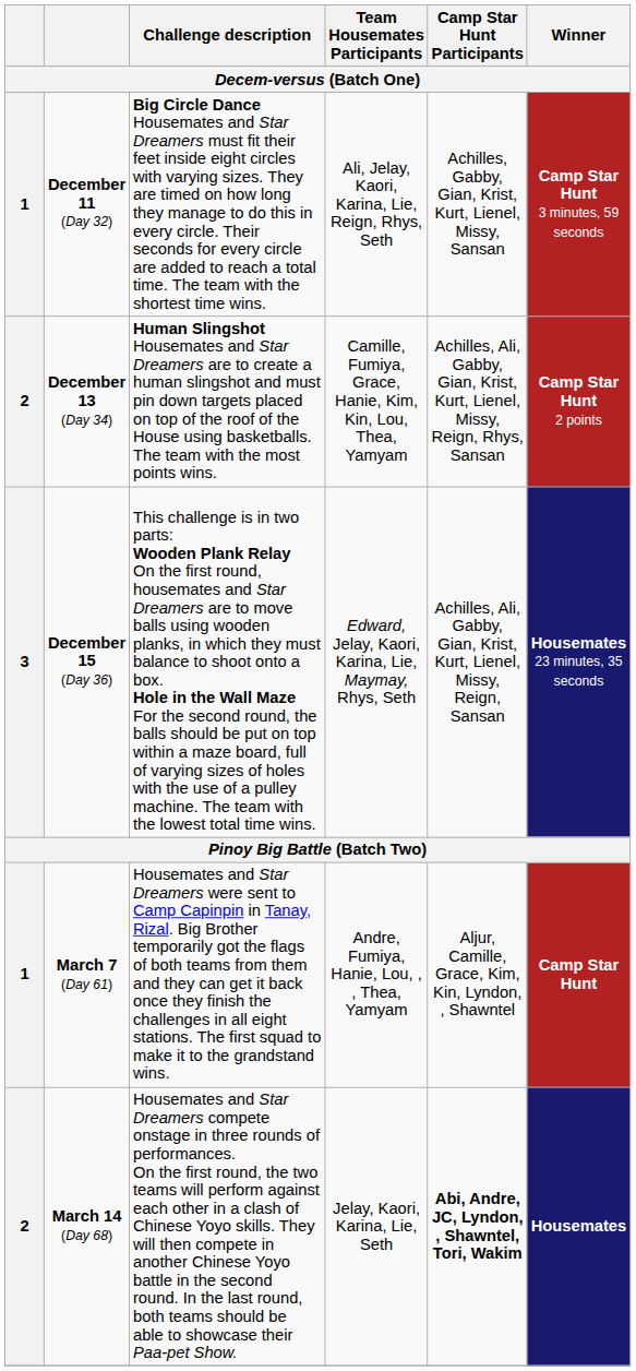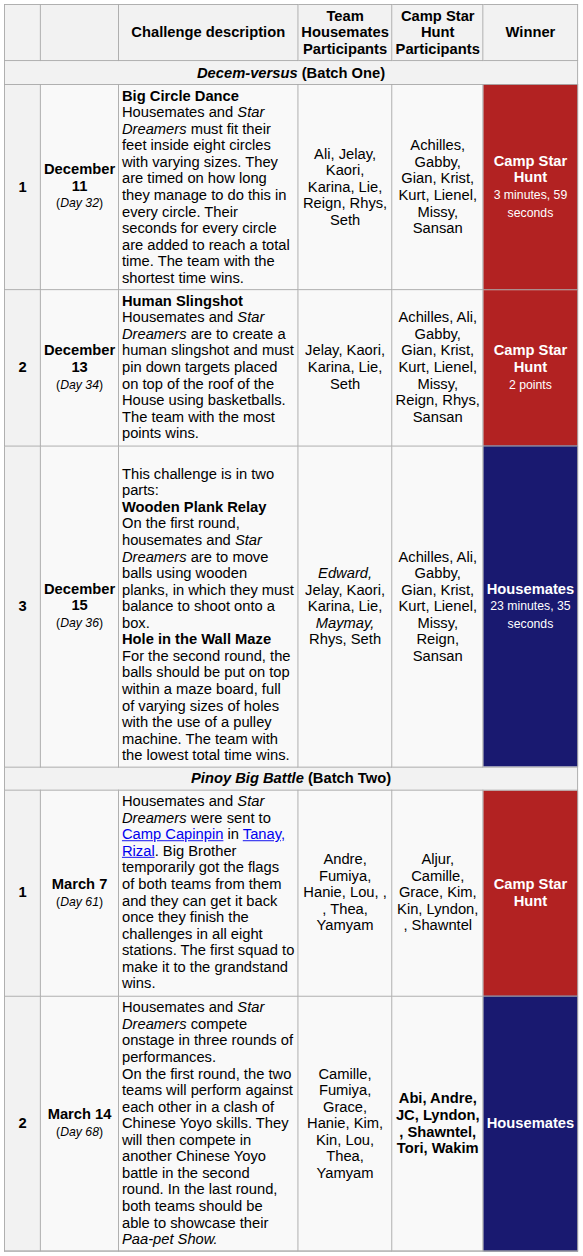 <table class="wikitable" style="text-align:center; font-size:100%; line-height:18px;" width="100%">
 <tr>
 <th style="width: 10%;"></th>
 <th style="width: 10%;"></th>
 <th style="width: 45%;">Challenge description</th>
 <th style="width: 10%;">Team Housemates Participants</th>
 <th style="width: 10%;">Camp Star Hunt Participants</th>
 <th style="width: 15%;">Winner</th>
 </tr>
 <tr>
 <th colspan="6"><em>Decem-versus</em> (Batch One)</th>
 </tr>
 <tr>
 <th>1</th>
 <td><strong>December 11</strong><br><small>(<em>Day 32</em>)</small></td>
 <td align="left"><strong>Big Circle Dance</strong><br> Housemates and <em>Star Dreamers</em> must fit their feet inside eight circles with varying sizes. They are timed on how long they manage to do this in every circle. Their seconds for every circle are added to reach a total time. The team with the shortest time wins.</td>
 <td><span>Ali, Jelay, Kaori, Karina, Lie, Reign, Rhys, Seth</span></td>
 <td><span>Achilles, Gabby, Gian, Krist, Kurt, Lienel, Missy, Sansan</span></td>
 <td style="background:#B22222; color:white;"><strong>Camp Star Hunt</strong><br><small>3 minutes, 59 seconds</small></td>
 </tr>
 <tr>
 <th>2</th>
 <td><strong>December 13</strong><br><small>(<em>Day 34</em>)</small></td>
 <td align="left"><strong>Human Slingshot</strong><br> Housemates and <em>Star Dreamers</em> are to create a human slingshot and must pin down targets placed on top of the roof of the House using basketballs. The team with the most points wins.</td>
-<td><span>Camille, Fumiya, <span>Grace</span>, Hanie, Kim, <span>Kin</span>, Lou, Thea, Yamyam</span></td>
+<td><span>Jelay, Kaori, Karina, Lie, Seth</span></td>
 <td><span>Achilles, <span>Ali</span>, Gabby, Gian, Krist, Kurt, Lienel, Missy, <span>Reign</span>, <span>Rhys</span>, Sansan</span></td>
 <td style="background:#B22222; color:white;"><strong>Camp Star Hunt</strong><br><small>2 points</small></td>
 </tr>
 <tr>
 <th>3</th>
 <td><strong>December 15</strong><br><small>(<em>Day 36</em>)</small></td>
 <td align="left"><br>This challenge is in two parts:<br><strong>Wooden Plank Relay</strong><br>On the first round, housemates and <em>Star Dreamers</em> are to move balls using wooden planks, in which they must balance to shoot onto a box.<br><strong>Hole in the Wall Maze</strong><br>For the second round, the balls should be put on top within a maze board, full of varying sizes of holes with the use of a pulley machine. The team with the lowest total time wins.</td>
 <td><span><em>Edward,</em> Jelay, Kaori, Karina, Lie, <em>Maymay,</em> Rhys, Seth</span></td>
 <td><span>Achilles, <span>Ali</span>, Gabby, Gian, Krist, Kurt, Lienel, Missy, <span>Reign</span>, Sansan</span></td>
 <td style="background:#191970; color:white;"><strong>Housemates</strong><br><small>23 minutes, 35 seconds</small></td>
 </tr>
 <tr>
 <th colspan="6"><em>Pinoy Big Battle</em> (Batch Two)</th>
 </tr>
 <tr>
 <th>1</th>
 <td><strong> March 7 </strong><br><small>(<em>Day 61</em>)</small></td>
 <td align="left">Housemates and <em>Star Dreamers</em> were sent to <a href='#'>Camp Capinpin</a> in <a href='#'>Tanay, Rizal</a>. Big Brother temporarily got the flags of both teams from them and they can get it back once they finish the challenges in all eight stations. The first squad to make it to the grandstand wins.<br></td>
 <td><span>Andre, Fumiya, Hanie, Lou, , , Thea, Yamyam</span></td>
 <td><span>Aljur, Camille, Grace, Kim, Kin, Lyndon, , <span>Shawntel</span></span></td>
 <td style="background:#B22222; color:white;"><strong>Camp Star Hunt</strong></td>
 </tr>
 <tr>
 <th>2</th>
 <td><strong> March 14 </strong><br><small>(<em>Day 68</em>)</small></td>
 <td align="left">Housemates and <em>Star Dreamers</em> compete onstage in three rounds of performances.<br>On the first round, the two teams will perform against each other in a clash of Chinese Yoyo skills. They will then compete in another Chinese Yoyo battle in the second round. In the last round, both teams should be able to showcase their <em>Paa-pet Show.</em><br></td>
-<td><span>Jelay, Kaori, Karina, Lie, Seth</span></td>
+<td><span>Camille, Fumiya, <span>Grace</span>, Hanie, Kim, <span>Kin</span>, Lou, Thea, Yamyam</span></td>
 <td><strong><span>Abi, <span>Andre</span>, JC, Lyndon, , <span>Shawntel</span>, Tori, Wakim</span></strong></td>
 <td style="background:#191970; color:white;"><strong>Housemates</strong></td>
 </tr>
 <tr>
 </tr>
 </table>
